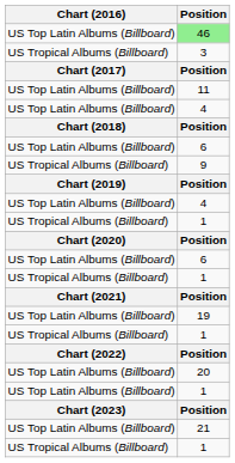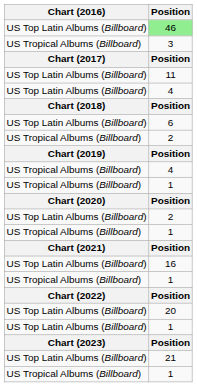 <table class="wikitable">
 <tr>
 <th scope="col">Chart (2016)</th>
 <th scope="col">Position</th>
 </tr>
 <tr>
 <td>US Top Latin Albums (<em>Billboard</em>)</td>
 <td style="background: lightgreen; text-align:center;">46</td>
 </tr>
 <tr>
 <td>US Tropical Albums (<em>Billboard</em>)</td>
 <td style="text-align:center;">3</td>
 </tr>
 <tr>
 <th>Chart (2017)</th>
 <th>Position</th>
 </tr>
 <tr>
 <td>US Top Latin Albums (<em>Billboard</em>)</td>
 <td style="text-align:center;">11</td>
 </tr>
 <tr>
 <td>US Top Latin Albums (<em>Billboard</em>)</td>
 <td style="text-align:center;">4</td>
 </tr>
 <tr>
 <th>Chart (2018)</th>
 <th>Position</th>
 </tr>
 <tr>
 <td>US Top Latin Albums (<em>Billboard</em>)</td>
 <td style="text-align:center;">6</td>
 </tr>
 <tr>
 <td>US Tropical Albums (<em>Billboard</em>)</td>
-<td style="text-align:center;">9</td>
+<td style="text-align:center;">2</td>
 </tr>
 <tr>
 <th>Chart (2019)</th>
 <th>Position</th>
 </tr>
 <tr>
-<td>US Top Latin Albums (<em>Billboard</em>)</td>
+<td>US Tropical Albums (<em>Billboard</em>)</td>
 <td style="text-align:center;">4</td>
 </tr>
 <tr>
 <td>US Tropical Albums (<em>Billboard</em>)</td>
 <td style="text-align:center;">1</td>
 </tr>
 <tr>
 <th>Chart (2020)</th>
 <th>Position</th>
 </tr>
 <tr>
 <td>US Top Latin Albums (<em>Billboard</em>)</td>
-<td style="text-align:center;">6</td>
+<td style="text-align:center;">2</td>
 </tr>
 <tr>
 <td>US Tropical Albums (<em>Billboard</em>)</td>
 <td style="text-align:center;">1</td>
 </tr>
 <tr>
 <th>Chart (2021)</th>
 <th>Position</th>
 </tr>
 <tr>
 <td>US Top Latin Albums (<em>Billboard</em>)</td>
-<td style="text-align:center;">19</td>
+<td style="text-align:center;">16</td>
 </tr>
 <tr>
 <td>US Tropical Albums (<em>Billboard</em>)</td>
 <td style="text-align:center;">1</td>
 </tr>
 <tr>
 <th>Chart (2022)</th>
 <th>Position</th>
 </tr>
 <tr>
 <td>US Top Latin Albums (<em>Billboard</em>)</td>
 <td style="text-align:center;">20</td>
 </tr>
 <tr>
 <td>US Top Latin Albums (<em>Billboard</em>)</td>
 <td style="text-align:center;">1</td>
 </tr>
 <tr>
 <th>Chart (2023)</th>
 <th>Position</th>
 </tr>
 <tr>
 <td>US Top Latin Albums (<em>Billboard</em>)</td>
 <td style="text-align:center;">21</td>
 </tr>
 <tr>
 <td>US Tropical Albums (<em>Billboard</em>)</td>
 <td style="text-align:center;">1</td>
 </tr>
 </table>
